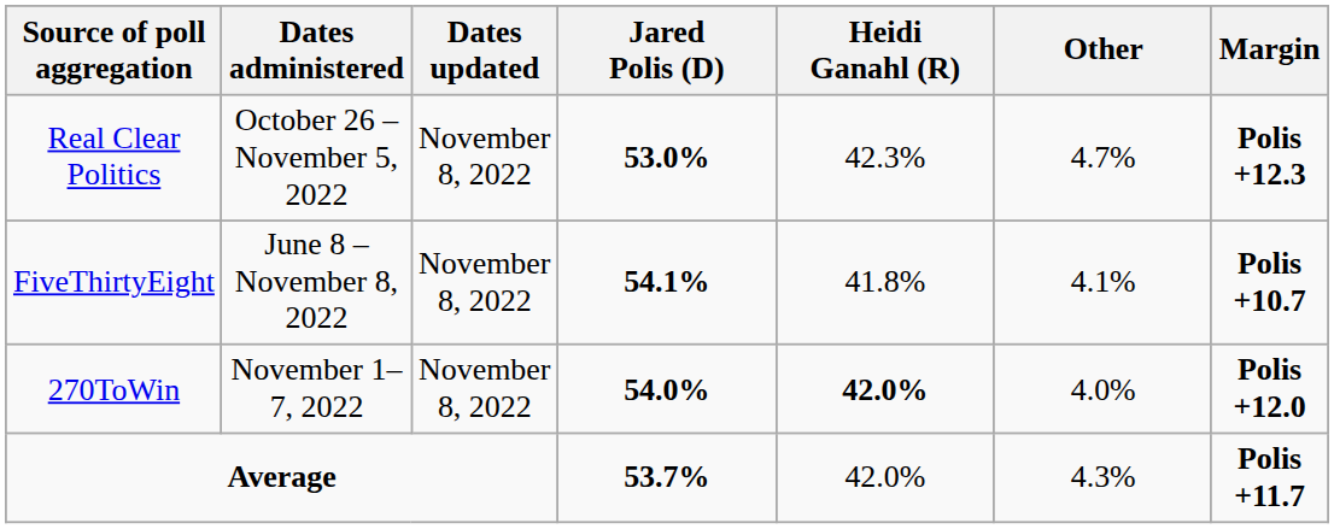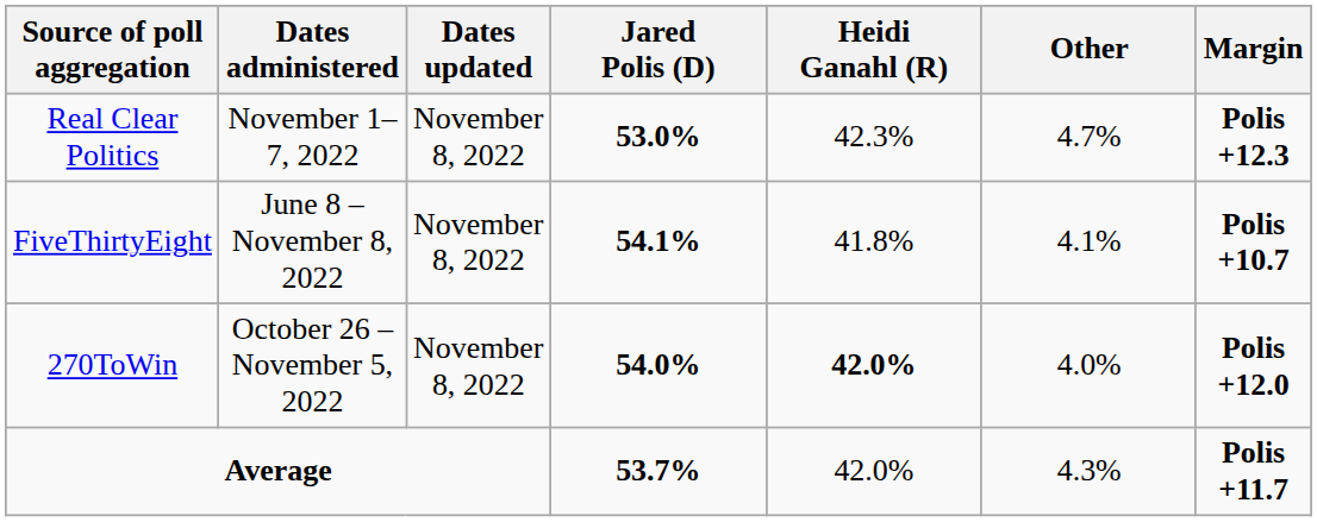 <table class="wikitable sortable" style="text-align:center;font-size:90%;line-height:17px">
 <tr>
 <th>Source of poll<br>aggregation</th>
 <th>Dates<br>administered</th>
 <th>Dates<br>updated</th>
 <th style="width:100px;">Jared<br>Polis (D)</th>
 <th style="width:100px;">Heidi<br>Ganahl (R)</th>
 <th style="width:100px;">Other<br></th>
 <th>Margin</th>
 </tr>
 <tr>
 <td><a href='#'>Real Clear Politics</a></td>
-<td>October 26 – November 5, 2022</td>
+<td>November 1–7, 2022</td>
 <td>November 8, 2022</td>
 <td><strong>53.0%</strong></td>
 <td>42.3%</td>
 <td>4.7%</td>
 <td><strong>Polis +12.3</strong></td>
 </tr>
 <tr>
 <td><a href='#'>FiveThirtyEight</a></td>
 <td>June 8 – November 8, 2022</td>
 <td>November 8, 2022</td>
 <td><strong>54.1%</strong></td>
 <td>41.8%</td>
 <td>4.1%</td>
 <td><strong>Polis +10.7</strong></td>
 </tr>
 <tr>
 <td><a href='#'>270ToWin</a></td>
-<td>November 1–7, 2022</td>
+<td>October 26 – November 5, 2022</td>
 <td>November 8, 2022</td>
 <td><strong>54.0%</strong></td>
 <td><strong>42.0%</strong></td>
 <td>4.0%</td>
 <td><strong>Polis +12.0</strong></td>
 </tr>
 <tr>
 <td colspan="3"><strong>Average</strong></td>
 <td><strong>53.7%</strong></td>
 <td>42.0%</td>
 <td>4.3%</td>
 <td><strong>Polis +11.7</strong></td>
 </tr>
 </table>
